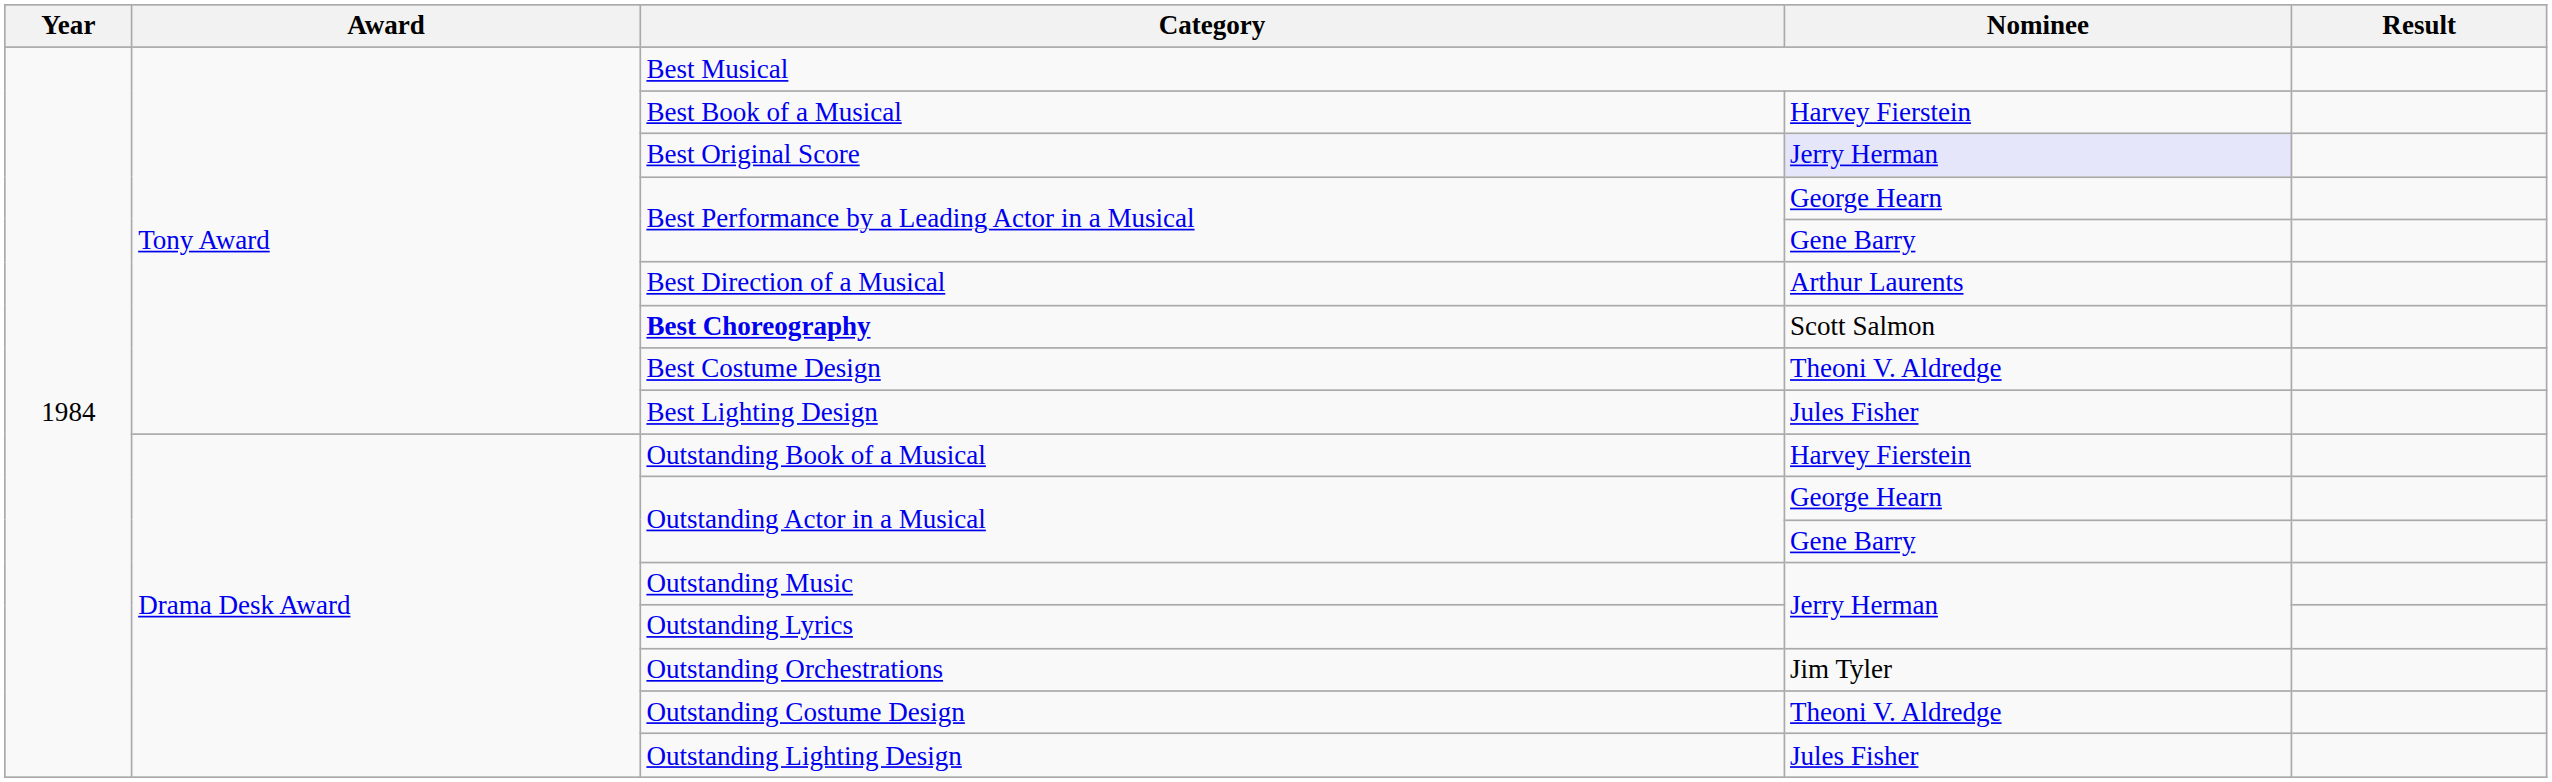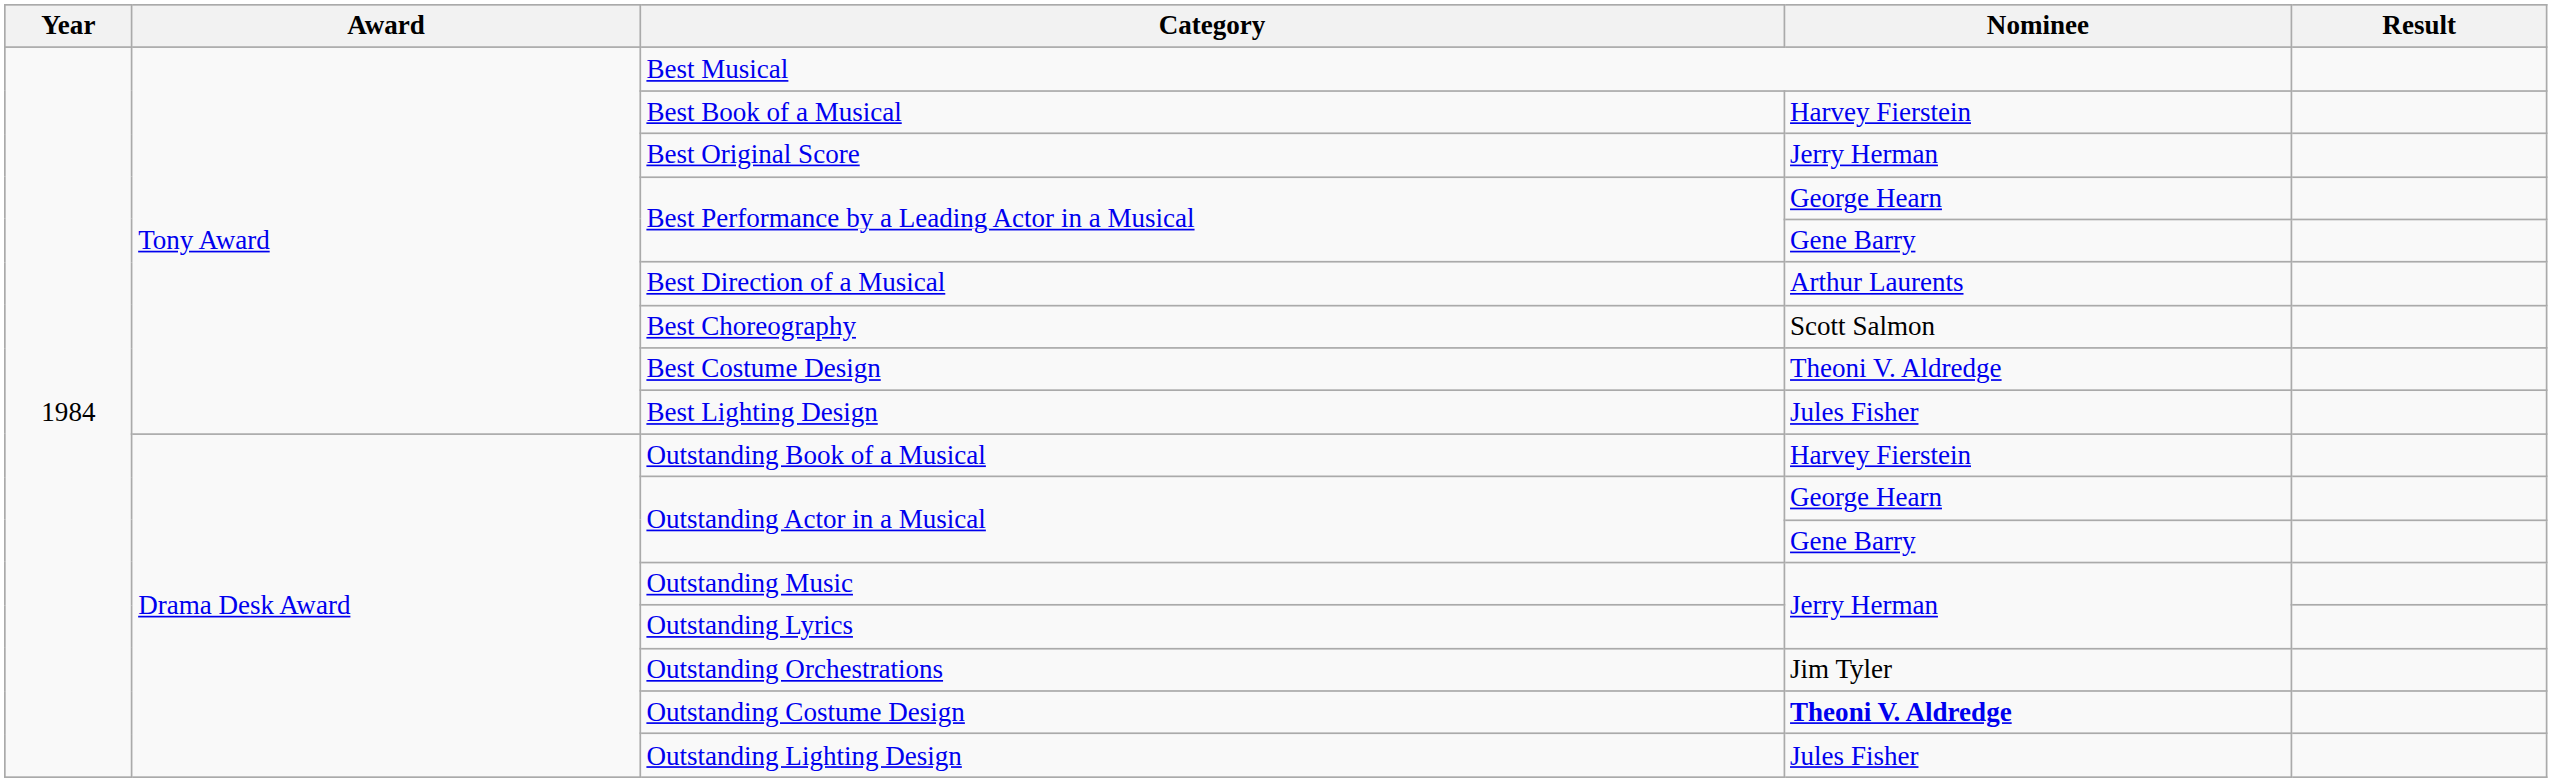 <table class="wikitable" width="95%">
 <tr>
 <th width="5%">Year</th>
 <th width="20%">Award</th>
 <th width="45%">Category</th>
 <th width="20%">Nominee</th>
 <th width="10%">Result</th>
 </tr>
 <tr>
 <td rowspan="17" align="center">1984</td>
 <td rowspan="9"><a href='#'>Tony Award</a></td>
 <td colspan="2"><a href='#'>Best Musical</a></td>
 <td></td>
 </tr>
 <tr>
 <td><a href='#'>Best Book of a Musical</a></td>
 <td><a href='#'>Harvey Fierstein</a></td>
 <td></td>
 </tr>
 <tr>
 <td><a href='#'>Best Original Score</a></td>
-<td style="background: lavender;"><a href='#'>Jerry Herman</a></td>
+<td><a href='#'>Jerry Herman</a></td>
 <td></td>
 </tr>
 <tr>
 <td rowspan="2"><a href='#'>Best Performance by a Leading Actor in a Musical</a></td>
 <td><a href='#'>George Hearn</a></td>
 <td></td>
 </tr>
 <tr>
 <td><a href='#'>Gene Barry</a></td>
 <td></td>
 </tr>
 <tr>
 <td><a href='#'>Best Direction of a Musical</a></td>
 <td><a href='#'>Arthur Laurents</a></td>
 <td></td>
 </tr>
 <tr>
-<td><strong><a href='#'>Best Choreography</a></strong></td>
+<td><a href='#'>Best Choreography</a></td>
 <td>Scott Salmon</td>
 <td></td>
 </tr>
 <tr>
 <td><a href='#'>Best Costume Design</a></td>
 <td><a href='#'>Theoni V. Aldredge</a></td>
 <td></td>
 </tr>
 <tr>
 <td><a href='#'>Best Lighting Design</a></td>
 <td><a href='#'>Jules Fisher</a></td>
 <td></td>
 </tr>
 <tr>
 <td rowspan="8"><a href='#'>Drama Desk Award</a></td>
 <td><a href='#'>Outstanding Book of a Musical</a></td>
 <td><a href='#'>Harvey Fierstein</a></td>
 <td></td>
 </tr>
 <tr>
 <td rowspan="2"><a href='#'>Outstanding Actor in a Musical</a></td>
 <td><a href='#'>George Hearn</a></td>
 <td></td>
 </tr>
 <tr>
 <td><a href='#'>Gene Barry</a></td>
 <td></td>
 </tr>
 <tr>
 <td><a href='#'>Outstanding Music</a></td>
 <td rowspan="2"><a href='#'>Jerry Herman</a></td>
 <td></td>
 </tr>
 <tr>
 <td><a href='#'>Outstanding Lyrics</a></td>
 <td></td>
 </tr>
 <tr>
 <td><a href='#'>Outstanding Orchestrations</a></td>
 <td>Jim Tyler</td>
 <td></td>
 </tr>
 <tr>
 <td><a href='#'>Outstanding Costume Design</a></td>
-<td><a href='#'>Theoni V. Aldredge</a></td>
+<td><strong><a href='#'>Theoni V. Aldredge</a></strong></td>
 <td></td>
 </tr>
 <tr>
 <td><a href='#'>Outstanding Lighting Design</a></td>
 <td><a href='#'>Jules Fisher</a></td>
 <td></td>
 </tr>
 </table>
